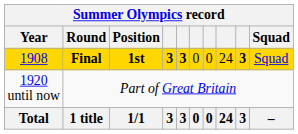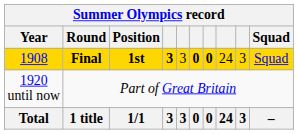 <table class="wikitable" style="text-align: center;">
 <tr>
 <th colspan=10><a href='#'>Summer Olympics</a> record</th>
 </tr>
 <tr>
 <th>Year</th>
 <th>Round</th>
 <th>Position</th>
 <th></th>
 <th></th>
 <th></th>
 <th></th>
 <th></th>
 <th></th>
 <th>Squad</th>
 </tr>
 <tr bgcolor=gold>
 <td> <a href='#'>1908</a></td>
 <td><strong>Final</strong></td>
 <td><strong>1st</strong></td>
 <td><strong>3</strong></td>
-<td><strong>3</strong></td>
-<td>0</td>
-<td>0</td>
+<td>3</td>
+<td><strong>0</strong></td>
+<td><strong>0</strong></td>
 <td>24</td>
-<td><strong>3</strong></td>
+<td>3</td>
 <td><a href='#'>Squad</a></td>
 </tr>
 <tr>
 <td> <a href='#'>1920</a><br>until now</td>
 <td colspan=9><em>Part of <a href='#'>Great Britain</a></em></td>
 </tr>
 <tr>
 <th>Total</th>
 <th>1 title</th>
 <th>1/1</th>
 <th>3</th>
 <th>3</th>
 <th>0</th>
 <th>0</th>
 <th>24</th>
 <th>3</th>
 <th>–</th>
 </tr>
 </table>
